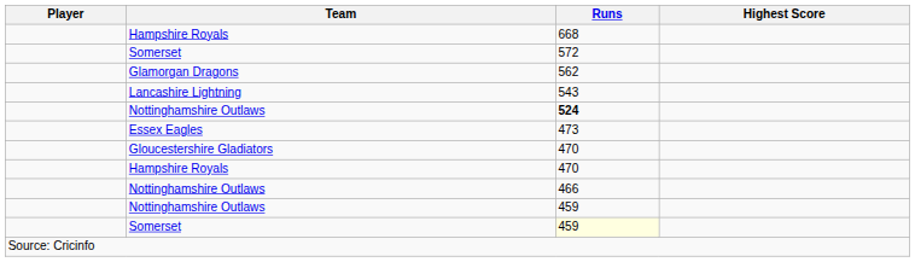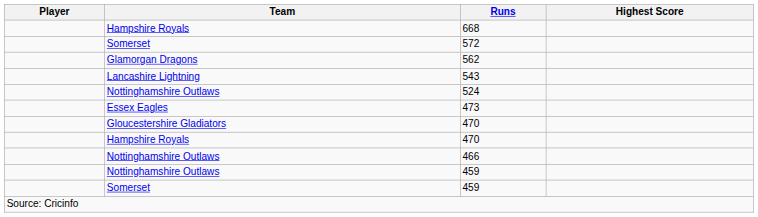 <table class="wikitable sortable" style="width:60%;">
 <tr>
 <th>Player</th>
 <th>Team</th>
 <th><a href='#'>Runs</a></th>
 <th>Highest Score</th>
 </tr>
 <tr>
 <td></td>
 <td><a href='#'>Hampshire Royals</a></td>
 <td>668</td>
 <td></td>
 </tr>
 <tr>
 <td></td>
 <td><a href='#'>Somerset</a></td>
 <td>572</td>
 <td></td>
 </tr>
 <tr>
 <td></td>
 <td><a href='#'>Glamorgan Dragons</a></td>
 <td>562</td>
 <td></td>
 </tr>
 <tr>
 <td></td>
 <td><a href='#'>Lancashire Lightning</a></td>
 <td>543</td>
 <td></td>
 </tr>
 <tr>
 <td></td>
 <td><a href='#'>Nottinghamshire Outlaws</a></td>
-<td><strong>524</strong></td>
+<td>524</td>
 <td></td>
 </tr>
 <tr>
 <td></td>
 <td><a href='#'>Essex Eagles</a></td>
 <td>473</td>
 <td></td>
 </tr>
 <tr>
 <td></td>
 <td><a href='#'>Gloucestershire Gladiators</a></td>
 <td>470</td>
 <td></td>
 </tr>
 <tr>
 <td></td>
 <td><a href='#'>Hampshire Royals</a></td>
 <td>470</td>
 <td></td>
 </tr>
 <tr>
 <td></td>
 <td><a href='#'>Nottinghamshire Outlaws</a></td>
 <td>466</td>
 <td></td>
 </tr>
 <tr>
 <td></td>
 <td><a href='#'>Nottinghamshire Outlaws</a></td>
 <td>459</td>
 <td></td>
 </tr>
 <tr>
 <td></td>
 <td><a href='#'>Somerset</a></td>
-<td style="background: lightyellow;">459</td>
+<td>459</td>
 <td></td>
 </tr>
 <tr class="unsortable">
 <td colspan="10">Source: Cricinfo</td>
 </tr>
 </table>
